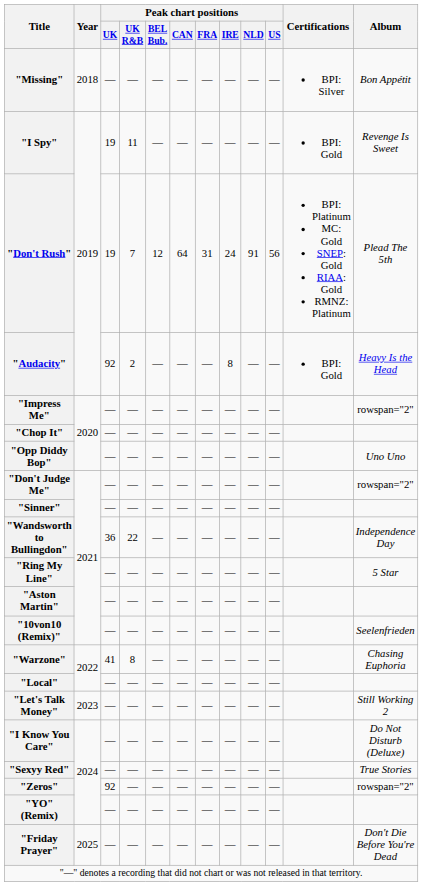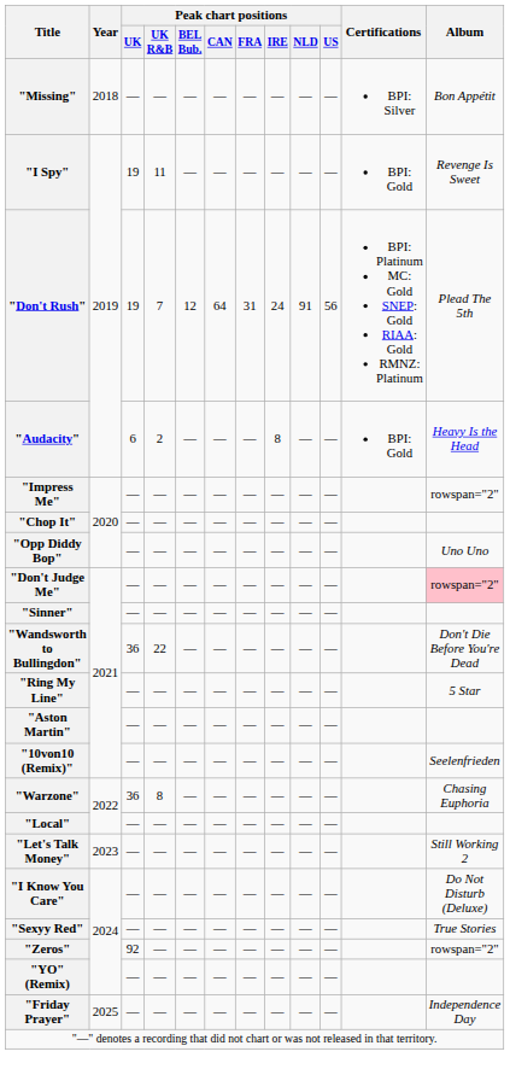 <table class="wikitable plainrowheaders" style="text-align:center;">
 <tr>
 <th scope="col" rowspan="2">Title</th>
 <th scope="col" rowspan="2">Year</th>
 <th scope="col" colspan="8">Peak chart positions</th>
 <th scope="col" rowspan="2">Certifications</th>
 <th scope="col" rowspan="2">Album</th>
 </tr>
 <tr>
 <th scope="col" style="width:3em;font-size:90%;"><a href='#'>UK</a><br></th>
 <th scope="col" style="width:3em;font-size:90%;"><a href='#'>UK<br>R&B</a><br></th>
 <th scope="col" style="width:3em;font-size:90%;"><a href='#'>BEL<br>Bub.</a><br></th>
 <th scope="col" style="width:3em;font-size:90%;"><a href='#'>CAN</a><br></th>
 <th scope="col" style="width:3em;font-size:90%;"><a href='#'>FRA</a><br></th>
 <th scope="col" style="width:3em;font-size:90%;"><a href='#'>IRE</a><br></th>
 <th scope="col" style="width:3em;font-size:90%;"><a href='#'>NLD</a><br></th>
 <th scope="col" style="width:3em;font-size:90%;"><a href='#'>US</a><br></th>
 </tr>
 <tr>
 <th scope="row">"Missing"<br></th>
 <td>2018</td>
 <td>—</td>
 <td>—</td>
 <td>—</td>
 <td>—</td>
 <td>—</td>
 <td>—</td>
 <td>—</td>
 <td>—</td>
 <td><br><ul><li>BPI: Silver</li></ul></td>
 <td><em>Bon Appétit</em></td>
 </tr>
 <tr>
 <th scope="row">"I Spy"<br></th>
 <td rowspan="3">2019</td>
 <td>19</td>
 <td>11</td>
 <td>—</td>
 <td>—</td>
 <td>—</td>
 <td>—</td>
 <td>—</td>
 <td>—</td>
 <td><br><ul><li>BPI: Gold</li></ul></td>
 <td><em>Revenge Is Sweet</em></td>
 </tr>
 <tr>
 <th scope="row">"<a href='#'>Don't Rush</a>"<br></th>
 <td>19</td>
 <td>7</td>
 <td>12</td>
 <td>64</td>
 <td>31</td>
 <td>24</td>
 <td>91</td>
 <td>56</td>
 <td><br><ul><li>BPI: Platinum</li><li>MC: Gold</li><li><a href='#'>SNEP</a>: Gold</li><li><a href='#'>RIAA</a>: Gold</li><li>RMNZ: Platinum</li></ul></td>
 <td><em>Plead The 5th</em></td>
 </tr>
 <tr>
 <th scope="row">"<a href='#'>Audacity</a>"<br></th>
-<td>92</td>
+<td>6</td>
 <td>2</td>
 <td>—</td>
 <td>—</td>
 <td>—</td>
 <td>8</td>
 <td>—</td>
 <td>—</td>
 <td><br><ul><li>BPI: Gold</li></ul></td>
 <td><em><a href='#'>Heavy Is the Head</a></em></td>
 </tr>
 <tr>
 <th scope="row">"Impress Me"<br></th>
 <td rowspan="3">2020</td>
 <td>—</td>
 <td>—</td>
 <td>—</td>
 <td>—</td>
 <td>—</td>
 <td>—</td>
 <td>—</td>
 <td>—</td>
 <td></td>
 <td>rowspan="2" </td>
 </tr>
 <tr>
 <th scope="row">"Chop It"<br></th>
 <td>—</td>
 <td>—</td>
 <td>—</td>
 <td>—</td>
 <td>—</td>
 <td>—</td>
 <td>—</td>
 <td>—</td>
 <td></td>
 </tr>
 <tr>
 <th scope="Row">"Opp Diddy Bop"<br></th>
 <td>—</td>
 <td>—</td>
 <td>—</td>
 <td>—</td>
 <td>—</td>
 <td>—</td>
 <td>—</td>
 <td>—</td>
 <td></td>
 <td><em>Uno Uno</em></td>
 </tr>
 <tr>
 <th scope="row">"Don't Judge Me"<br></th>
 <td rowspan="6">2021</td>
 <td>—</td>
 <td>—</td>
 <td>—</td>
 <td>—</td>
 <td>—</td>
 <td>—</td>
 <td>—</td>
 <td>—</td>
 <td></td>
-<td>rowspan="2" </td>
+<td style="background: pink;">rowspan="2" </td>
 </tr>
 <tr>
 <th scope="row">"Sinner"<br></th>
 <td>—</td>
 <td>—</td>
 <td>—</td>
 <td>—</td>
 <td>—</td>
 <td>—</td>
 <td>—</td>
 <td>—</td>
 <td></td>
 </tr>
 <tr>
 <th scope="row">"Wandsworth to Bullingdon"<br></th>
 <td>36</td>
 <td>22</td>
 <td>—</td>
 <td>—</td>
 <td>—</td>
 <td>—</td>
 <td>—</td>
 <td>—</td>
 <td></td>
-<td><em>Independence Day</em></td>
+<td><em>Don't Die Before You're Dead</em></td>
 </tr>
 <tr>
 <th scope="row">"Ring My Line"<br></th>
 <td>—</td>
 <td>—</td>
 <td>—</td>
 <td>—</td>
 <td>—</td>
 <td>—</td>
 <td>—</td>
 <td>—</td>
 <td></td>
 <td><em>5 Star</em></td>
 </tr>
 <tr>
 <th scope="row">"Aston Martin"<br></th>
 <td>—</td>
 <td>—</td>
 <td>—</td>
 <td>—</td>
 <td>—</td>
 <td>—</td>
 <td>—</td>
 <td>—</td>
 <td></td>
 <td></td>
 </tr>
 <tr>
 <th scope="row">"10von10 (Remix)"<br></th>
 <td>—</td>
 <td>—</td>
 <td>—</td>
 <td>—</td>
 <td>—</td>
 <td>—</td>
 <td>—</td>
 <td>—</td>
 <td></td>
 <td><em>Seelenfrieden</em></td>
 </tr>
 <tr>
 <th scope="row">"Warzone"<br></th>
 <td rowspan="2">2022</td>
-<td>41</td>
+<td>36</td>
 <td>8</td>
 <td>—</td>
 <td>—</td>
 <td>—</td>
 <td>—</td>
 <td>—</td>
 <td>—</td>
 <td></td>
 <td><em>Chasing Euphoria</em></td>
 </tr>
 <tr>
 <th scope="row">"Local"<br></th>
 <td>—</td>
 <td>—</td>
 <td>—</td>
 <td>—</td>
 <td>—</td>
 <td>—</td>
 <td>—</td>
 <td>—</td>
 <td></td>
 <td></td>
 </tr>
 <tr>
 <th scope="row">"Let's Talk Money"<br></th>
 <td rowspan="1">2023</td>
 <td>—</td>
 <td>—</td>
 <td>—</td>
 <td>—</td>
 <td>—</td>
 <td>—</td>
 <td>—</td>
 <td>—</td>
 <td></td>
 <td><em>Still Working 2</em></td>
 </tr>
 <tr>
 <th scope="row">"I Know You Care"<br></th>
 <td rowspan="4">2024</td>
 <td>—</td>
 <td>—</td>
 <td>—</td>
 <td>—</td>
 <td>—</td>
 <td>—</td>
 <td>—</td>
 <td>—</td>
 <td></td>
 <td><em>Do Not Disturb (Deluxe)</em></td>
 </tr>
 <tr>
 <th scope="row">"Sexyy Red"<br></th>
 <td>—</td>
 <td>—</td>
 <td>—</td>
 <td>—</td>
 <td>—</td>
 <td>—</td>
 <td>—</td>
 <td>—</td>
 <td></td>
 <td><em>True Stories</em></td>
 </tr>
 <tr>
 <th scope="row">"Zeros"<br></th>
 <td>92</td>
 <td>—</td>
 <td>—</td>
 <td>—</td>
 <td>—</td>
 <td>—</td>
 <td>—</td>
 <td>—</td>
 <td></td>
 <td>rowspan="2" </td>
 </tr>
 <tr>
 <th scope="row">"YO" (Remix)<br></th>
 <td>—</td>
 <td>—</td>
 <td>—</td>
 <td>—</td>
 <td>—</td>
 <td>—</td>
 <td>—</td>
 <td>—</td>
 <td></td>
 </tr>
 <tr>
 <th scope="row">"Friday Prayer"<br></th>
 <td>2025</td>
 <td>—</td>
 <td>—</td>
 <td>—</td>
 <td>—</td>
 <td>—</td>
 <td>—</td>
 <td>—</td>
 <td>—</td>
 <td></td>
-<td><em>Don't Die Before You're Dead</em></td>
+<td><em>Independence Day</em></td>
 </tr>
 <tr>
 <td colspan="12" style="font-size:90%">"—" denotes a recording that did not chart or was not released in that territory.</td>
 </tr>
 </table>
